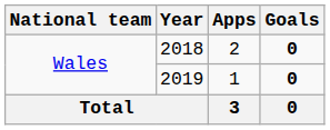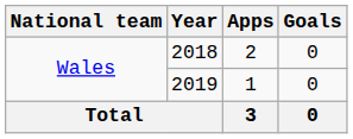 <table class="wikitable" style="text-align: center;">
 <tr>
 <th>National team</th>
 <th>Year</th>
 <th>Apps</th>
 <th>Goals</th>
 </tr>
 <tr>
 <td rowspan="2" valign="center"><a href='#'>Wales</a></td>
 <td>2018</td>
 <td>2</td>
-<td><strong>0</strong></td>
+<td>0</td>
 </tr>
 <tr>
 <td>2019</td>
 <td>1</td>
-<td><strong>0</strong></td>
+<td>0</td>
 </tr>
 <tr>
 <th colspan="2">Total</th>
 <th>3</th>
 <th>0</th>
 </tr>
 </table>
